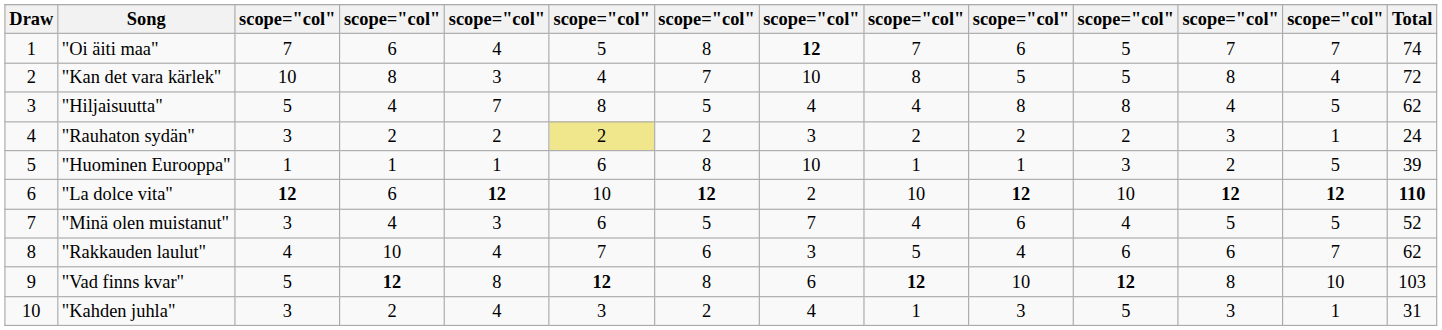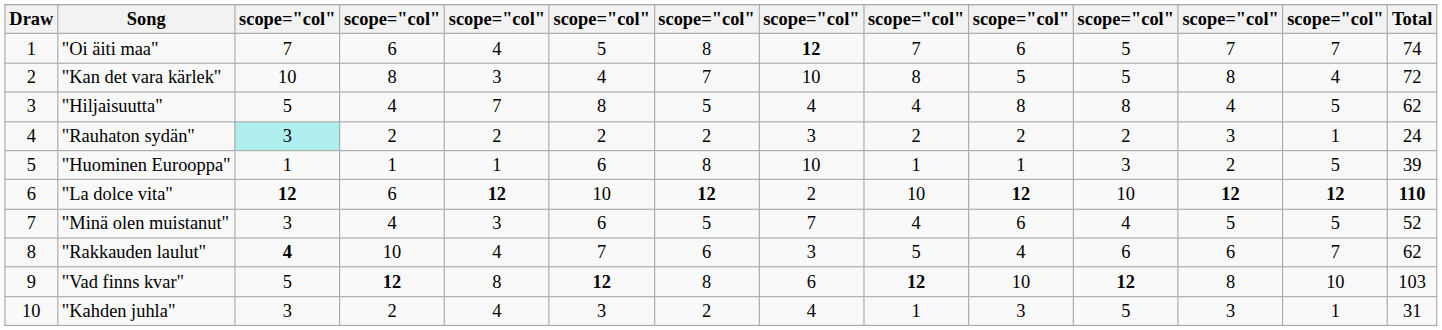 <table class="wikitable plainrowheaders" style="margin: 1em auto 1em auto; text-align:center;">
 <tr>
 </tr>
 <tr>
 <th scope="col">Draw</th>
 <th scope="col">Song</th>
 <th>scope="col" </th>
 <th>scope="col" </th>
 <th>scope="col" </th>
 <th>scope="col" </th>
 <th>scope="col" </th>
 <th>scope="col" </th>
 <th>scope="col" </th>
 <th>scope="col" </th>
 <th>scope="col" </th>
 <th>scope="col" </th>
 <th>scope="col" </th>
 <th scope="col">Total</th>
 </tr>
 <tr>
 <td>1</td>
 <td align="left">"Oi äiti maa"</td>
 <td>7</td>
 <td>6</td>
 <td>4</td>
 <td>5</td>
 <td>8</td>
 <td><strong>12</strong></td>
 <td>7</td>
 <td>6</td>
 <td>5</td>
 <td>7</td>
 <td>7</td>
 <td>74</td>
 </tr>
 <tr>
 <td>2</td>
 <td align="left">"Kan det vara kärlek"</td>
 <td>10</td>
 <td>8</td>
 <td>3</td>
 <td>4</td>
 <td>7</td>
 <td>10</td>
 <td>8</td>
 <td>5</td>
 <td>5</td>
 <td>8</td>
 <td>4</td>
 <td>72</td>
 </tr>
 <tr>
 <td>3</td>
 <td align="left">"Hiljaisuutta"</td>
 <td>5</td>
 <td>4</td>
 <td>7</td>
 <td>8</td>
 <td>5</td>
 <td>4</td>
 <td>4</td>
 <td>8</td>
 <td>8</td>
 <td>4</td>
 <td>5</td>
 <td>62</td>
 </tr>
 <tr>
 <td>4</td>
 <td align="left">"Rauhaton sydän"</td>
-<td>3</td>
+<td style="background: paleturquoise;">3</td>
 <td>2</td>
 <td>2</td>
-<td style="background: khaki;">2</td>
+<td>2</td>
 <td>2</td>
 <td>3</td>
 <td>2</td>
 <td>2</td>
 <td>2</td>
 <td>3</td>
 <td>1</td>
 <td>24</td>
 </tr>
 <tr>
 <td>5</td>
 <td align="left">"Huominen Eurooppa"</td>
 <td>1</td>
 <td>1</td>
 <td>1</td>
 <td>6</td>
 <td>8</td>
 <td>10</td>
 <td>1</td>
 <td>1</td>
 <td>3</td>
 <td>2</td>
 <td>5</td>
 <td>39</td>
 </tr>
 <tr>
 <td>6</td>
 <td align="left">"La dolce vita"</td>
 <td><strong>12</strong></td>
 <td>6</td>
 <td><strong>12</strong></td>
 <td>10</td>
 <td><strong>12</strong></td>
 <td>2</td>
 <td>10</td>
 <td><strong>12</strong></td>
 <td>10</td>
 <td><strong>12</strong></td>
 <td><strong>12</strong></td>
 <td><strong>110</strong></td>
 </tr>
 <tr>
 <td>7</td>
 <td align="left">"Minä olen muistanut"</td>
 <td>3</td>
 <td>4</td>
 <td>3</td>
 <td>6</td>
 <td>5</td>
 <td>7</td>
 <td>4</td>
 <td>6</td>
 <td>4</td>
 <td>5</td>
 <td>5</td>
 <td>52</td>
 </tr>
 <tr>
 <td>8</td>
 <td align="left">"Rakkauden laulut"</td>
-<td>4</td>
+<td><strong>4</strong></td>
 <td>10</td>
 <td>4</td>
 <td>7</td>
 <td>6</td>
 <td>3</td>
 <td>5</td>
 <td>4</td>
 <td>6</td>
 <td>6</td>
 <td>7</td>
 <td>62</td>
 </tr>
 <tr>
 <td>9</td>
 <td align="left">"Vad finns kvar"</td>
 <td>5</td>
 <td><strong>12</strong></td>
 <td>8</td>
 <td><strong>12</strong></td>
 <td>8</td>
 <td>6</td>
 <td><strong>12</strong></td>
 <td>10</td>
 <td><strong>12</strong></td>
 <td>8</td>
 <td>10</td>
 <td>103</td>
 </tr>
 <tr>
 <td>10</td>
 <td align="left">"Kahden juhla"</td>
 <td>3</td>
 <td>2</td>
 <td>4</td>
 <td>3</td>
 <td>2</td>
 <td>4</td>
 <td>1</td>
 <td>3</td>
 <td>5</td>
 <td>3</td>
 <td>1</td>
 <td>31</td>
 </tr>
 </table>
